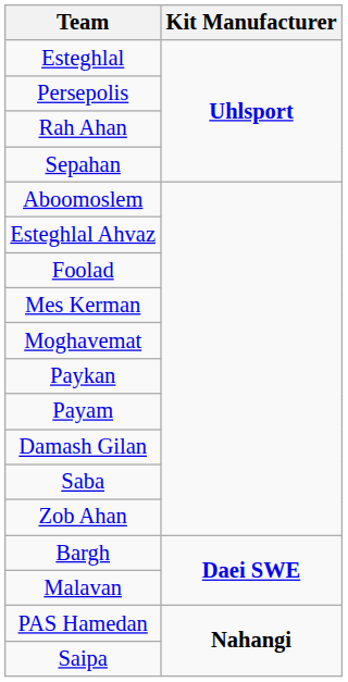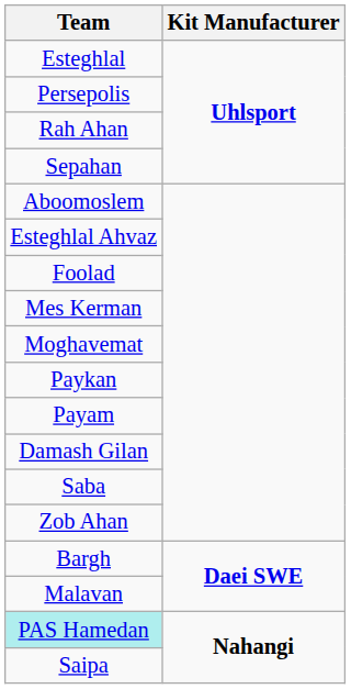 <table class="wikitable" style="text-align: center">
 <tr>
 <th>Team</th>
 <th>Kit Manufacturer</th>
 </tr>
 <tr>
 <td><a href='#'>Esteghlal</a></td>
 <td rowspan=4><strong><a href='#'>Uhlsport</a></strong></td>
 </tr>
 <tr>
 <td><a href='#'>Persepolis</a></td>
 </tr>
 <tr>
 <td><a href='#'>Rah Ahan</a></td>
 </tr>
 <tr>
 <td><a href='#'>Sepahan</a></td>
 </tr>
 <tr>
 <td><a href='#'>Aboomoslem</a></td>
 <td rowspan=10><strong></strong></td>
 </tr>
 <tr>
 <td><a href='#'>Esteghlal Ahvaz</a></td>
 </tr>
 <tr>
 <td><a href='#'>Foolad</a></td>
 </tr>
 <tr>
 <td><a href='#'>Mes Kerman</a></td>
 </tr>
 <tr>
 <td><a href='#'>Moghavemat</a></td>
 </tr>
 <tr>
 <td><a href='#'>Paykan</a></td>
 </tr>
 <tr>
 <td><a href='#'>Payam</a></td>
 </tr>
 <tr>
 <td><a href='#'>Damash Gilan</a></td>
 </tr>
 <tr>
 <td><a href='#'>Saba</a></td>
 </tr>
 <tr>
 <td><a href='#'>Zob Ahan</a></td>
 </tr>
 <tr>
 <td><a href='#'>Bargh</a></td>
 <td rowspan=2><strong><a href='#'>Daei SWE</a></strong></td>
 </tr>
 <tr>
 <td><a href='#'>Malavan</a></td>
 </tr>
 <tr>
-<td><a href='#'>PAS Hamedan</a></td>
+<td style="background: paleturquoise;"><a href='#'>PAS Hamedan</a></td>
 <td rowspan=2><strong>Nahangi</strong></td>
 </tr>
 <tr>
 <td><a href='#'>Saipa</a></td>
 </tr>
 </table>
